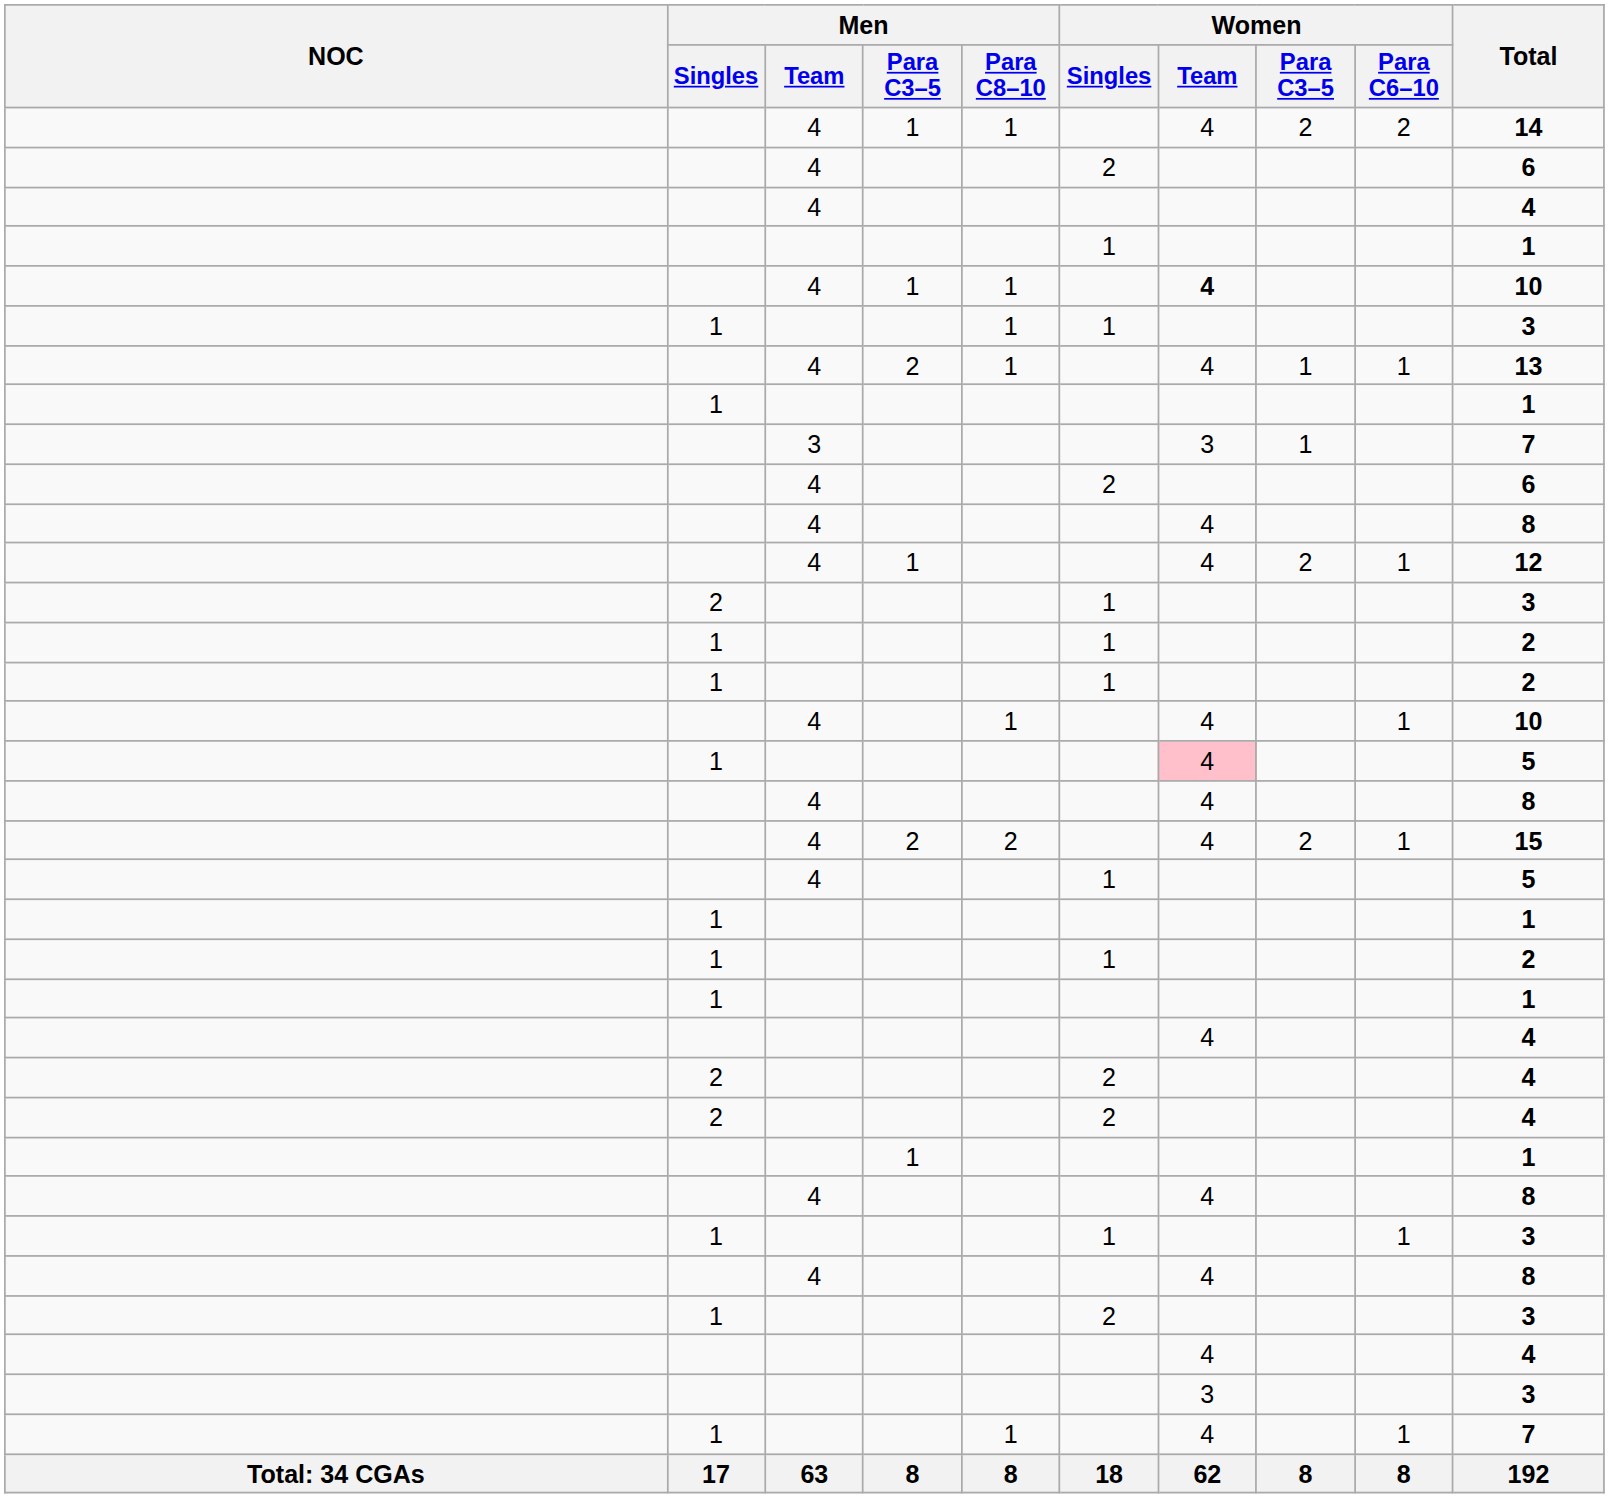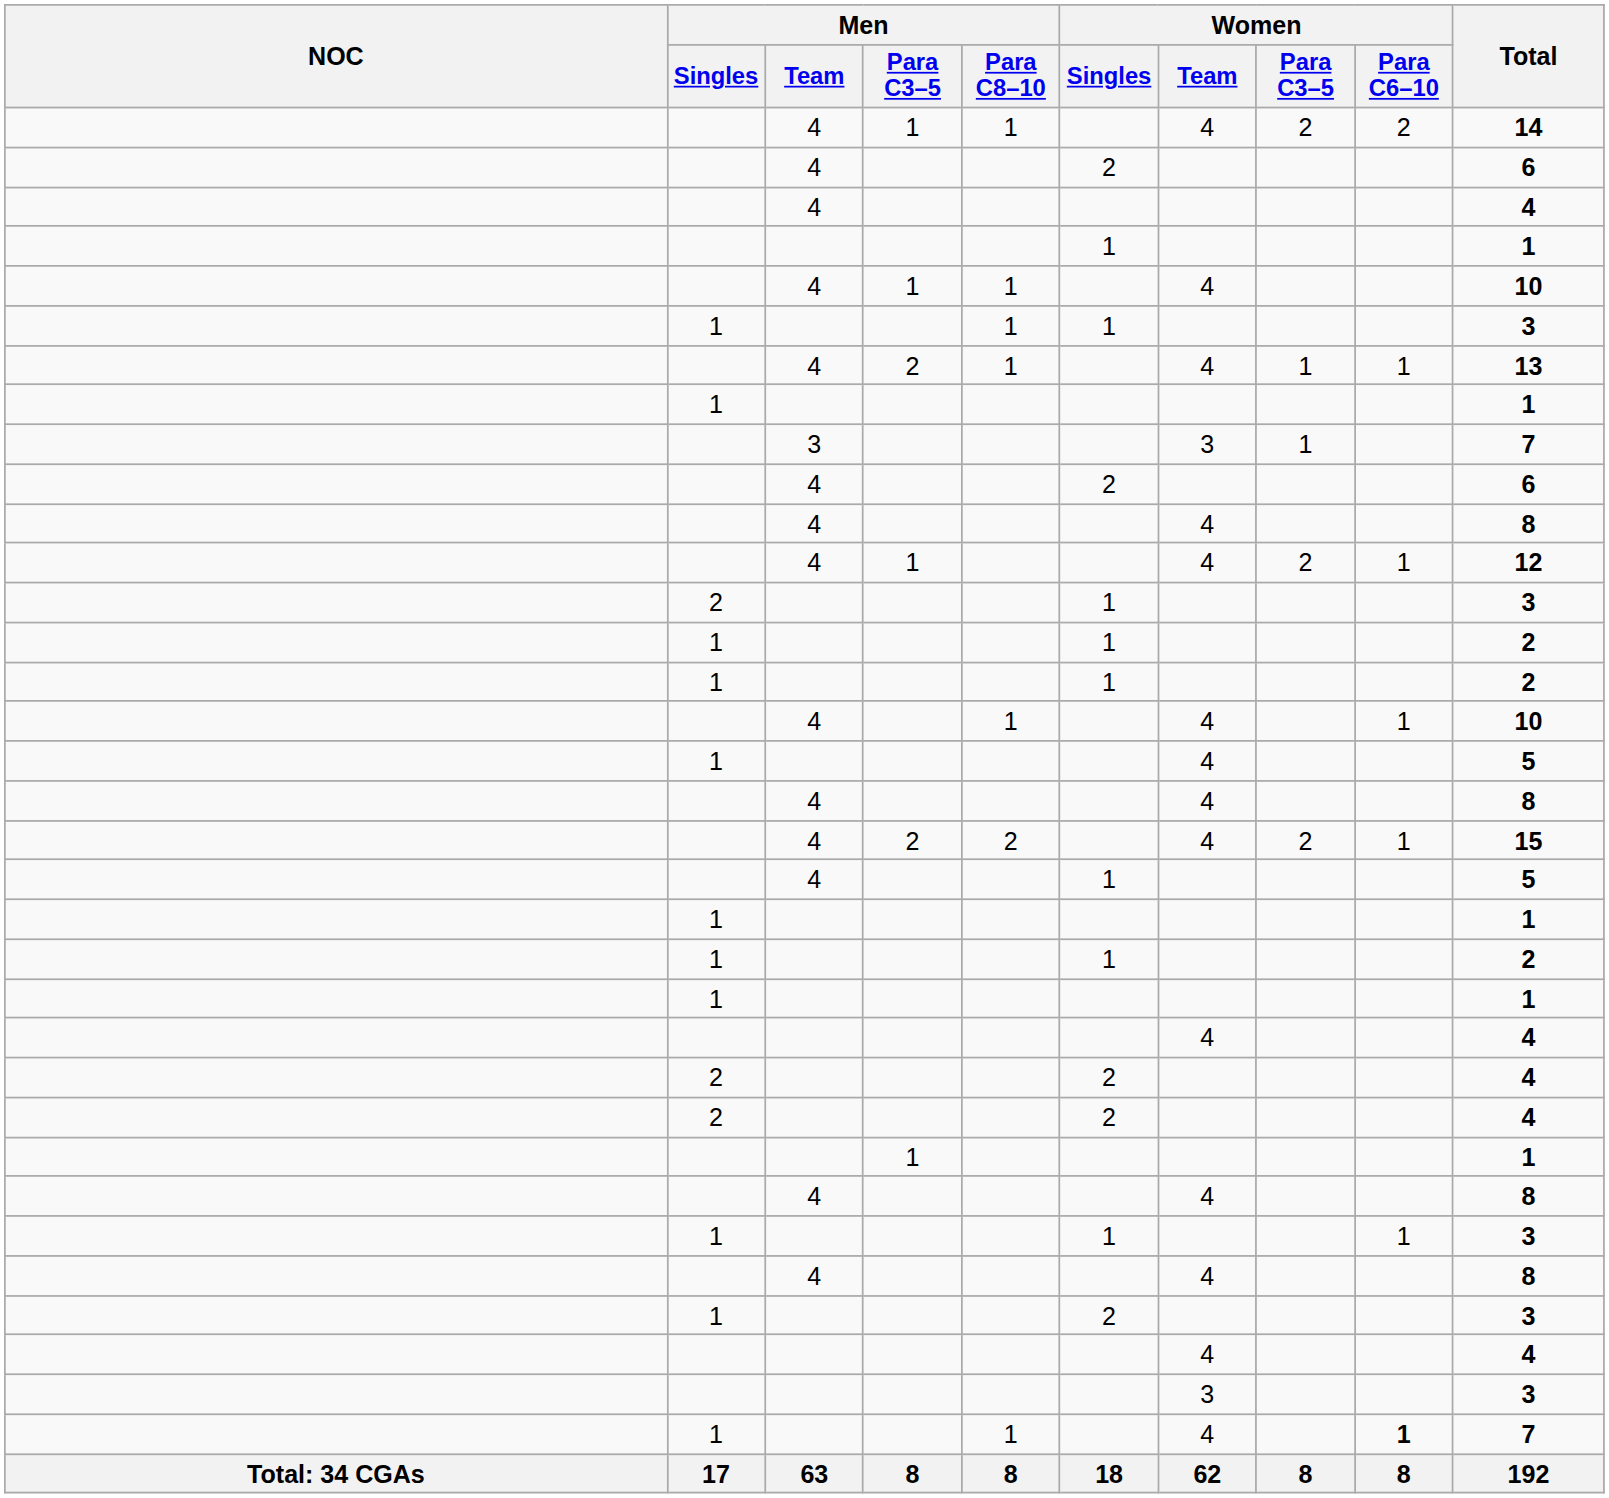 <table class="wikitable sortable" width=920 style="text-align:center; font-size:90%">
 <tr>
 <th rowspan="2" style="text-align:center;">NOC</th>
 <th colspan="4">Men</th>
 <th colspan="4">Women</th>
 <th rowspan="2" width=80>Total</th>
 </tr>
 <tr style="font-size:95%">
 <th width=50><a href='#'>Singles</a></th>
 <th width=50><a href='#'>Team</a></th>
 <th width=50><a href='#'>Para C3–5</a></th>
 <th width=50><a href='#'>Para C8–10</a></th>
 <th width=50><a href='#'>Singles</a></th>
 <th width=50><a href='#'>Team</a></th>
 <th width=50><a href='#'>Para C3–5</a></th>
 <th width=50><a href='#'>Para C6–10</a></th>
 </tr>
 <tr>
 <td style="text-align:left;"></td>
 <td></td>
 <td>4</td>
 <td>1</td>
 <td>1</td>
 <td></td>
 <td>4</td>
 <td>2</td>
 <td>2</td>
 <td><strong>14</strong></td>
 </tr>
 <tr>
 <td style="text-align:left;"></td>
 <td></td>
 <td>4</td>
 <td></td>
 <td></td>
 <td>2</td>
 <td></td>
 <td></td>
 <td></td>
 <td><strong>6</strong></td>
 </tr>
 <tr>
 <td style="text-align:left;"></td>
 <td></td>
 <td>4</td>
 <td></td>
 <td></td>
 <td></td>
 <td></td>
 <td></td>
 <td></td>
 <td><strong>4</strong></td>
 </tr>
 <tr>
 <td style="text-align:left;"></td>
 <td></td>
 <td></td>
 <td></td>
 <td></td>
 <td>1</td>
 <td></td>
 <td></td>
 <td></td>
 <td><strong>1</strong></td>
 </tr>
 <tr>
 <td style="text-align:left;"></td>
 <td></td>
 <td>4</td>
 <td>1</td>
 <td>1</td>
 <td></td>
-<td><strong>4</strong></td>
+<td>4</td>
 <td></td>
 <td></td>
 <td><strong>10</strong></td>
 </tr>
 <tr>
 <td style="text-align:left;"></td>
 <td>1</td>
 <td></td>
 <td></td>
 <td>1</td>
 <td>1</td>
 <td></td>
 <td></td>
 <td></td>
 <td><strong>3</strong></td>
 </tr>
 <tr>
 <td style="text-align:left;"></td>
 <td></td>
 <td>4</td>
 <td>2</td>
 <td>1</td>
 <td></td>
 <td>4</td>
 <td>1</td>
 <td>1</td>
 <td><strong>13</strong></td>
 </tr>
 <tr>
 <td style="text-align:left;"></td>
 <td>1</td>
 <td></td>
 <td></td>
 <td></td>
 <td></td>
 <td></td>
 <td></td>
 <td></td>
 <td><strong>1</strong></td>
 </tr>
 <tr>
 <td style="text-align:left;"></td>
 <td></td>
 <td>3</td>
 <td></td>
 <td></td>
 <td></td>
 <td>3</td>
 <td>1</td>
 <td></td>
 <td><strong>7</strong></td>
 </tr>
 <tr>
 <td style="text-align:left;"></td>
 <td></td>
 <td>4</td>
 <td></td>
 <td></td>
 <td>2</td>
 <td></td>
 <td></td>
 <td></td>
 <td><strong>6</strong></td>
 </tr>
 <tr>
 <td style="text-align:left;"></td>
 <td></td>
 <td>4</td>
 <td></td>
 <td></td>
 <td></td>
 <td>4</td>
 <td></td>
 <td></td>
 <td><strong>8</strong></td>
 </tr>
 <tr>
 <td style="text-align:left;"></td>
 <td></td>
 <td>4</td>
 <td>1</td>
 <td></td>
 <td></td>
 <td>4</td>
 <td>2</td>
 <td>1</td>
 <td><strong>12</strong></td>
 </tr>
 <tr>
 <td style="text-align:left;"></td>
 <td>2</td>
 <td></td>
 <td></td>
 <td></td>
 <td>1</td>
 <td></td>
 <td></td>
 <td></td>
 <td><strong>3</strong></td>
 </tr>
 <tr>
 <td style="text-align:left;"></td>
 <td>1</td>
 <td></td>
 <td></td>
 <td></td>
 <td>1</td>
 <td></td>
 <td></td>
 <td></td>
 <td><strong>2</strong></td>
 </tr>
 <tr>
 <td style="text-align:left;"></td>
 <td>1</td>
 <td></td>
 <td></td>
 <td></td>
 <td>1</td>
 <td></td>
 <td></td>
 <td></td>
 <td><strong>2</strong></td>
 </tr>
 <tr>
 <td style="text-align:left;"></td>
 <td></td>
 <td>4</td>
 <td></td>
 <td>1</td>
 <td></td>
 <td>4</td>
 <td></td>
 <td>1</td>
 <td><strong>10</strong></td>
 </tr>
 <tr>
 <td style="text-align:left;"></td>
 <td>1</td>
 <td></td>
 <td></td>
 <td></td>
 <td></td>
-<td style="background: pink;">4</td>
+<td>4</td>
 <td></td>
 <td></td>
 <td><strong>5</strong></td>
 </tr>
 <tr>
 <td style="text-align:left;"></td>
 <td></td>
 <td>4</td>
 <td></td>
 <td></td>
 <td></td>
 <td>4</td>
 <td></td>
 <td></td>
 <td><strong>8</strong></td>
 </tr>
 <tr>
 <td style="text-align:left;"></td>
 <td></td>
 <td>4</td>
 <td>2</td>
 <td>2</td>
 <td></td>
 <td>4</td>
 <td>2</td>
 <td>1</td>
 <td><strong>15</strong></td>
 </tr>
 <tr>
 <td style="text-align:left;"></td>
 <td></td>
 <td>4</td>
 <td></td>
 <td></td>
 <td>1</td>
 <td></td>
 <td></td>
 <td></td>
 <td><strong>5</strong></td>
 </tr>
 <tr>
 <td style="text-align:left;"></td>
 <td>1</td>
 <td></td>
 <td></td>
 <td></td>
 <td></td>
 <td></td>
 <td></td>
 <td></td>
 <td><strong>1</strong></td>
 </tr>
 <tr>
 <td style="text-align:left;"></td>
 <td>1</td>
 <td></td>
 <td></td>
 <td></td>
 <td>1</td>
 <td></td>
 <td></td>
 <td></td>
 <td><strong>2</strong></td>
 </tr>
 <tr>
 <td style="text-align:left;"></td>
 <td>1</td>
 <td></td>
 <td></td>
 <td></td>
 <td></td>
 <td></td>
 <td></td>
 <td></td>
 <td><strong>1</strong></td>
 </tr>
 <tr>
 <td style="text-align:left;"></td>
 <td></td>
 <td></td>
 <td></td>
 <td></td>
 <td></td>
 <td>4</td>
 <td></td>
 <td></td>
 <td><strong>4</strong></td>
 </tr>
 <tr>
 <td style="text-align:left;"></td>
 <td>2</td>
 <td></td>
 <td></td>
 <td></td>
 <td>2</td>
 <td></td>
 <td></td>
 <td></td>
 <td><strong>4</strong></td>
 </tr>
 <tr>
 <td style="text-align:left;"></td>
 <td>2</td>
 <td></td>
 <td></td>
 <td></td>
 <td>2</td>
 <td></td>
 <td></td>
 <td></td>
 <td><strong>4</strong></td>
 </tr>
 <tr>
 <td style="text-align:left;"></td>
 <td></td>
 <td></td>
 <td>1</td>
 <td></td>
 <td></td>
 <td></td>
 <td></td>
 <td></td>
 <td><strong>1</strong></td>
 </tr>
 <tr>
 <td style="text-align:left;"></td>
 <td></td>
 <td>4</td>
 <td></td>
 <td></td>
 <td></td>
 <td>4</td>
 <td></td>
 <td></td>
 <td><strong>8</strong></td>
 </tr>
 <tr>
 <td style="text-align:left;"></td>
 <td>1</td>
 <td></td>
 <td></td>
 <td></td>
 <td>1</td>
 <td></td>
 <td></td>
 <td>1</td>
 <td><strong>3</strong></td>
 </tr>
 <tr>
 <td style="text-align:left;"></td>
 <td></td>
 <td>4</td>
 <td></td>
 <td></td>
 <td></td>
 <td>4</td>
 <td></td>
 <td></td>
 <td><strong>8</strong></td>
 </tr>
 <tr>
 <td style="text-align:left;"></td>
 <td>1</td>
 <td></td>
 <td></td>
 <td></td>
 <td>2</td>
 <td></td>
 <td></td>
 <td></td>
 <td><strong>3</strong></td>
 </tr>
 <tr>
 <td style="text-align:left;"></td>
 <td></td>
 <td></td>
 <td></td>
 <td></td>
 <td></td>
 <td>4</td>
 <td></td>
 <td></td>
 <td><strong>4</strong></td>
 </tr>
 <tr>
 <td style="text-align:left;"></td>
 <td></td>
 <td></td>
 <td></td>
 <td></td>
 <td></td>
 <td>3</td>
 <td></td>
 <td></td>
 <td><strong>3</strong></td>
 </tr>
 <tr>
 <td style="text-align:left;"></td>
 <td>1</td>
 <td></td>
 <td></td>
 <td>1</td>
 <td></td>
 <td>4</td>
 <td></td>
-<td>1</td>
+<td><strong>1</strong></td>
 <td><strong>7</strong></td>
 </tr>
 <tr>
 <th>Total: 34 CGAs</th>
 <th>17</th>
 <th>63</th>
 <th>8</th>
 <th>8</th>
 <th>18</th>
 <th>62</th>
 <th>8</th>
 <th>8</th>
 <th>192</th>
 </tr>
 </table>
